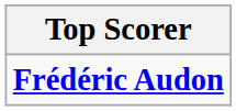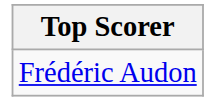 <table class=wikitable style="text-align:center; margin:auto">
 <tr>
 <th>Top Scorer</th>
 </tr>
 <tr>
-<td><strong> <a href='#'>Frédéric Audon</a></strong></td>
+<td> <a href='#'>Frédéric Audon</a></td>
 </tr>
 </table>
